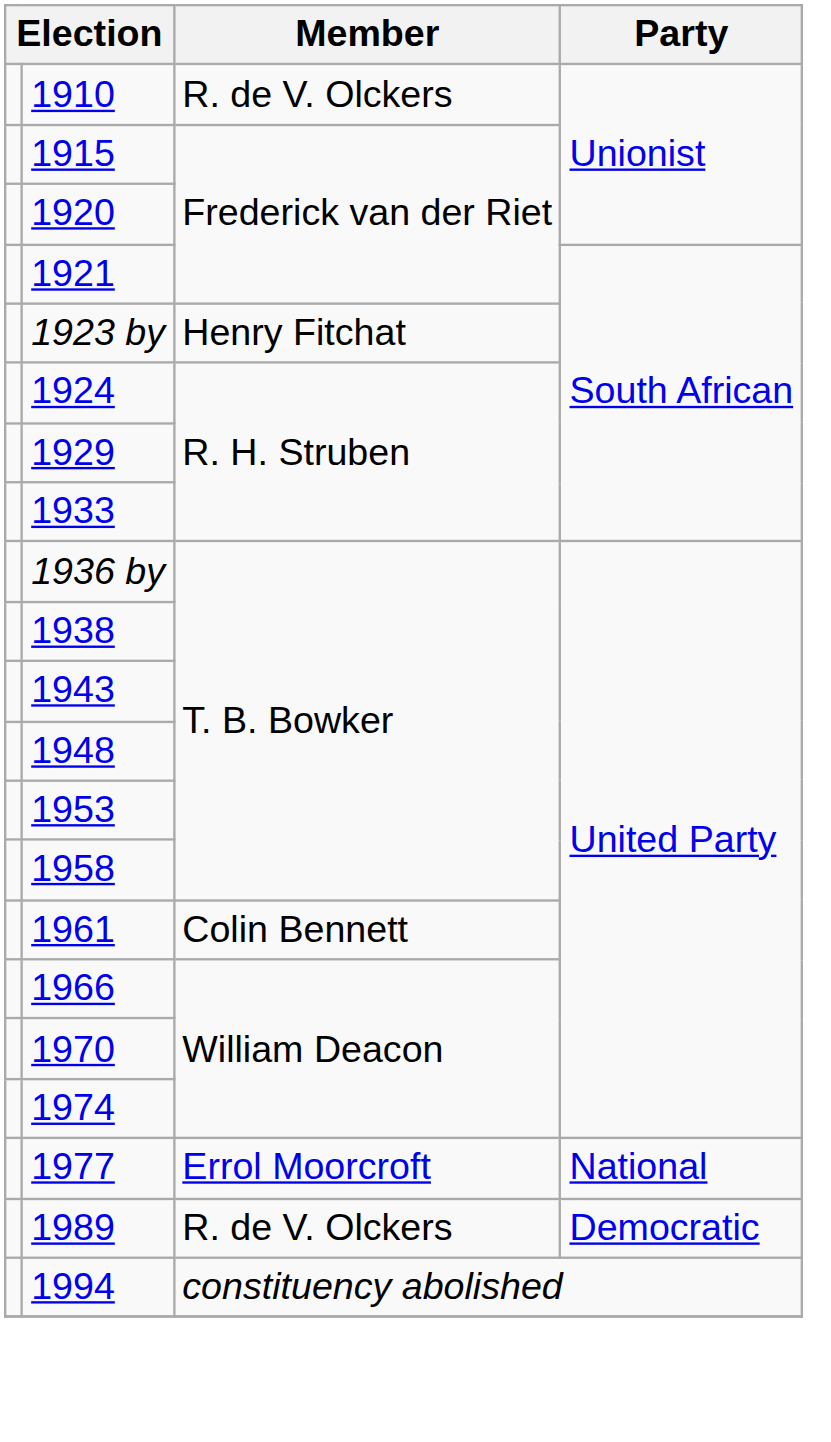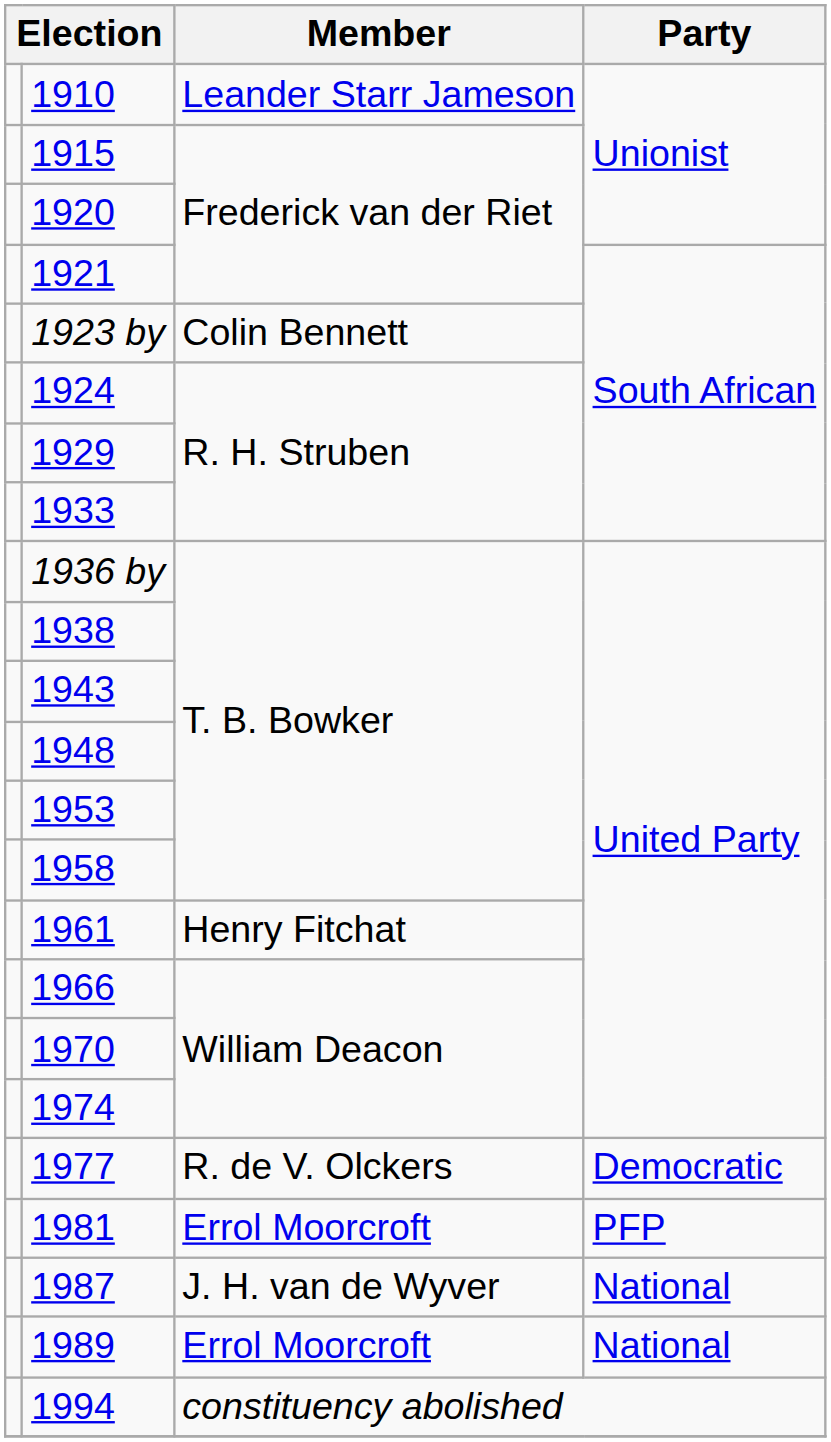 <table class="wikitable">
 <tr>
 <th colspan="2">Election</th>
 <th>Member</th>
 <th>Party</th>
 </tr>
 <tr>
 <td style="background-color: "></td>
 <td><a href='#'>1910</a></td>
-<td>R. de V. Olckers</td>
+<td><a href='#'>Leander Starr Jameson</a></td>
 <td rowspan="3"><a href='#'>Unionist</a></td>
 </tr>
 <tr>
 <td style="background-color: "></td>
 <td><a href='#'>1915</a></td>
 <td rowspan="3">Frederick van der Riet</td>
 </tr>
 <tr>
 <td style="background-color: "></td>
 <td><a href='#'>1920</a></td>
 </tr>
 <tr>
 <td style="background-color: "></td>
 <td><a href='#'>1921</a></td>
 <td rowspan="5"><a href='#'>South African</a></td>
 </tr>
 <tr>
 <td style="background-color: "></td>
 <td><em>1923 by</em></td>
-<td>Henry Fitchat</td>
+<td>Colin Bennett</td>
 </tr>
 <tr>
 <td style="background-color: "></td>
 <td><a href='#'>1924</a></td>
 <td rowspan="3">R. H. Struben</td>
 </tr>
 <tr>
 <td style="background-color: "></td>
 <td><a href='#'>1929</a></td>
 </tr>
 <tr>
 <td style="background-color: "></td>
 <td><a href='#'>1933</a></td>
 </tr>
 <tr>
 <td style="background-color: "></td>
 <td><em>1936 by</em></td>
 <td rowspan="6">T. B. Bowker</td>
 <td rowspan="10"><a href='#'>United Party</a></td>
 </tr>
 <tr>
 <td style="background-color: "></td>
 <td><a href='#'>1938</a></td>
 </tr>
 <tr>
 <td style="background-color: "></td>
 <td><a href='#'>1943</a></td>
 </tr>
 <tr>
 <td style="background-color: "></td>
 <td><a href='#'>1948</a></td>
 </tr>
 <tr>
 <td style="background-color: "></td>
 <td><a href='#'>1953</a></td>
 </tr>
 <tr>
 <td style="background-color: "></td>
 <td><a href='#'>1958</a></td>
 </tr>
 <tr>
 <td style="background-color: "></td>
 <td><a href='#'>1961</a></td>
-<td>Colin Bennett</td>
+<td>Henry Fitchat</td>
 </tr>
 <tr>
 <td style="background-color: "></td>
 <td><a href='#'>1966</a></td>
 <td rowspan="3">William Deacon</td>
 </tr>
 <tr>
 <td style="background-color: "></td>
 <td><a href='#'>1970</a></td>
 </tr>
 <tr>
 <td style="background-color: "></td>
 <td><a href='#'>1974</a></td>
 </tr>
 <tr>
 <td style="background-color: "></td>
 <td><a href='#'>1977</a></td>
+<td>R. de V. Olckers</td>
+<td><a href='#'>Democratic</a></td>
+</tr>
+<tr>
+<td style="background-color: "></td>
+<td><a href='#'>1981</a></td>
 <td><a href='#'>Errol Moorcroft</a></td>
+<td><a href='#'>PFP</a></td>
+</tr>
+<tr>
+<td style="background-color: "></td>
+<td><a href='#'>1987</a></td>
+<td>J. H. van de Wyver</td>
 <td><a href='#'>National</a></td>
 </tr>
 <tr>
 <td style="background-color: "></td>
 <td><a href='#'>1989</a></td>
-<td>R. de V. Olckers</td>
-<td><a href='#'>Democratic</a></td>
+<td><a href='#'>Errol Moorcroft</a></td>
+<td><a href='#'>National</a></td>
 </tr>
 <tr>
 <td style="background-color: "></td>
 <td><a href='#'>1994</a></td>
 <td colspan="2"><em>constituency abolished</em></td>
 </tr>
 <tr>
 </tr>
 </table>
